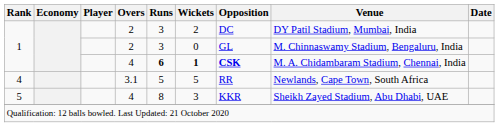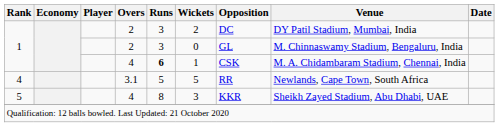 <table class="wikitable">
 <tr>
 <th>Rank</th>
 <th>Economy</th>
 <th>Player</th>
 <th>Overs</th>
 <th>Runs</th>
 <th>Wickets</th>
 <th>Opposition</th>
 <th>Venue</th>
 <th>Date</th>
 </tr>
 <tr>
 <td align=center rowspan=3>1</td>
 <th scope=row style=text-align:center; rowspan=3></th>
 <td></td>
 <td align=center>2</td>
 <td align=center>3</td>
 <td align=center>2</td>
 <td><a href='#'>DC</a></td>
 <td><a href='#'>DY Patil Stadium</a>, <a href='#'>Mumbai</a>, India</td>
 <td></td>
 </tr>
 <tr>
 <td></td>
 <td align=center>2</td>
 <td align=center>3</td>
 <td align=center>0</td>
 <td><a href='#'>GL</a></td>
 <td><a href='#'>M. Chinnaswamy Stadium</a>, <a href='#'>Bengaluru</a>, India</td>
 <td></td>
 </tr>
 <tr>
 <td></td>
 <td align=center>4</td>
 <td align=center><strong>6</strong></td>
-<td align=center><strong>1</strong></td>
-<td><strong><a href='#'>CSK</a></strong></td>
+<td align=center>1</td>
+<td><a href='#'>CSK</a></td>
 <td><a href='#'>M. A. Chidambaram Stadium</a>, <a href='#'>Chennai</a>, India</td>
 <td></td>
 </tr>
 <tr>
 <td align=center>4</td>
 <th scope=row style=text-align:center;></th>
 <td></td>
 <td align=center>3.1</td>
 <td align=center>5</td>
 <td align=center>5</td>
 <td><a href='#'>RR</a></td>
 <td><a href='#'>Newlands</a>, <a href='#'>Cape Town</a>, South Africa</td>
 <td></td>
 </tr>
 <tr>
 <td align=center>5</td>
 <th scope=row style=text-align:center;></th>
 <td></td>
 <td align=center>4</td>
 <td align=center>8</td>
 <td align=center>3</td>
 <td><a href='#'>KKR</a></td>
 <td><a href='#'>Sheikh Zayed Stadium</a>, <a href='#'>Abu Dhabi</a>, UAE</td>
 <td></td>
 </tr>
 <tr>
 </tr>
 <tr class=sortbottom>
 <td colspan=9><small>Qualification: 12 balls bowled. Last Updated: 21 October 2020</small></td>
 </tr>
 </table>
